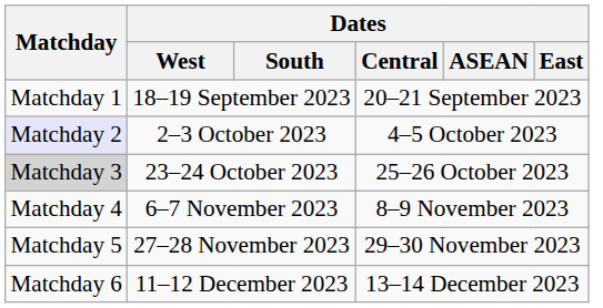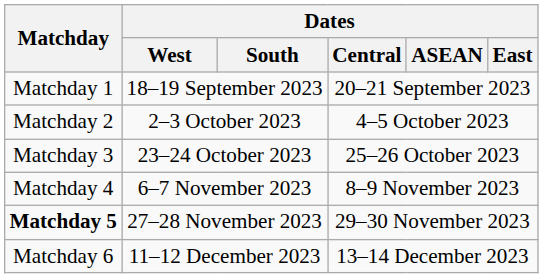 <table class="wikitable" style="text-align:center">
 <tr>
 <th rowspan=2>Matchday</th>
 <th colspan=5>Dates</th>
 </tr>
 <tr>
 <th>West</th>
 <th>South</th>
 <th>Central</th>
 <th>ASEAN</th>
 <th>East</th>
 </tr>
 <tr>
 <td>Matchday 1</td>
 <td colspan=2>18–19 September 2023</td>
 <td colspan=3>20–21 September 2023</td>
 </tr>
 <tr>
-<td style="background: lavender;">Matchday 2</td>
+<td>Matchday 2</td>
 <td colspan=2>2–3 October 2023</td>
 <td colspan=3>4–5 October 2023</td>
 </tr>
 <tr>
-<td style="background: lightgrey;">Matchday 3</td>
+<td>Matchday 3</td>
 <td colspan=2>23–24 October 2023</td>
 <td colspan=3>25–26 October 2023</td>
 </tr>
 <tr>
 <td>Matchday 4</td>
 <td colspan=2>6–7 November 2023</td>
 <td colspan=3>8–9 November 2023</td>
 </tr>
 <tr>
-<td>Matchday 5</td>
+<td><strong>Matchday 5</strong></td>
 <td colspan=2>27–28 November 2023</td>
 <td colspan=3>29–30 November 2023</td>
 </tr>
 <tr>
 <td>Matchday 6</td>
 <td colspan=2>11–12 December 2023</td>
 <td colspan=3>13–14 December 2023</td>
 </tr>
 </table>
